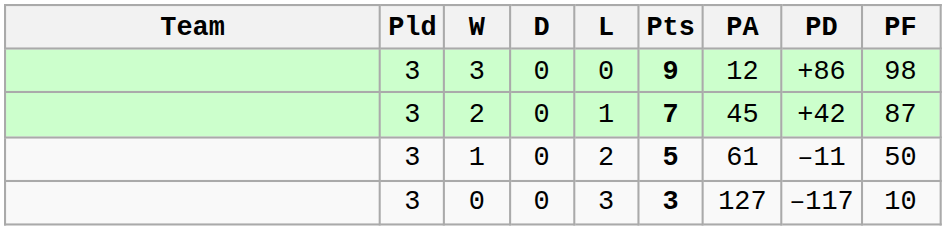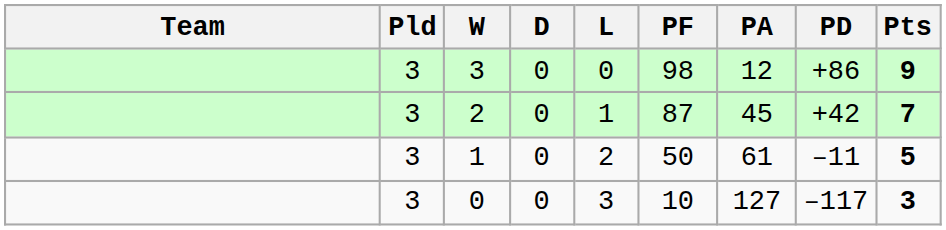 <table class="wikitable" style="text-align:center;">
 <tr>
 <th width=175>Team</th>
 <th width=25 abbr="Played">Pld</th>
 <th width=25 abbr="Won">W</th>
 <th width=25 abbr="Drawn">D</th>
 <th width=25 abbr="Lost">L</th>
-<th width=25 abbr="Points">Pts</th>
+<th width=32 abbr="Points for">PF</th>
 <th width=32 abbr="Points against">PA</th>
 <th width=32 abbr="Points difference">PD</th>
-<th width=32 abbr="Points for">PF</th>
+<th width=25 abbr="Points">Pts</th>
 </tr>
 <tr bgcolor=ccffcc>
 <td align=left></td>
 <td>3</td>
 <td>3</td>
 <td>0</td>
 <td>0</td>
-<td><strong>9</strong></td>
+<td>98</td>
 <td>12</td>
 <td>+86</td>
-<td>98</td>
+<td><strong>9</strong></td>
 </tr>
 <tr bgcolor=ccffcc>
 <td align=left></td>
 <td>3</td>
 <td>2</td>
 <td>0</td>
 <td>1</td>
-<td><strong>7</strong></td>
+<td>87</td>
 <td>45</td>
 <td>+42</td>
-<td>87</td>
+<td><strong>7</strong></td>
 </tr>
 <tr>
 <td align=left></td>
 <td>3</td>
 <td>1</td>
 <td>0</td>
 <td>2</td>
-<td><strong>5</strong></td>
+<td>50</td>
 <td>61</td>
 <td>–11</td>
-<td>50</td>
+<td><strong>5</strong></td>
 </tr>
 <tr>
 <td align=left></td>
 <td>3</td>
 <td>0</td>
 <td>0</td>
 <td>3</td>
-<td><strong>3</strong></td>
+<td>10</td>
 <td>127</td>
 <td>–117</td>
-<td>10</td>
+<td><strong>3</strong></td>
 </tr>
 </table>
